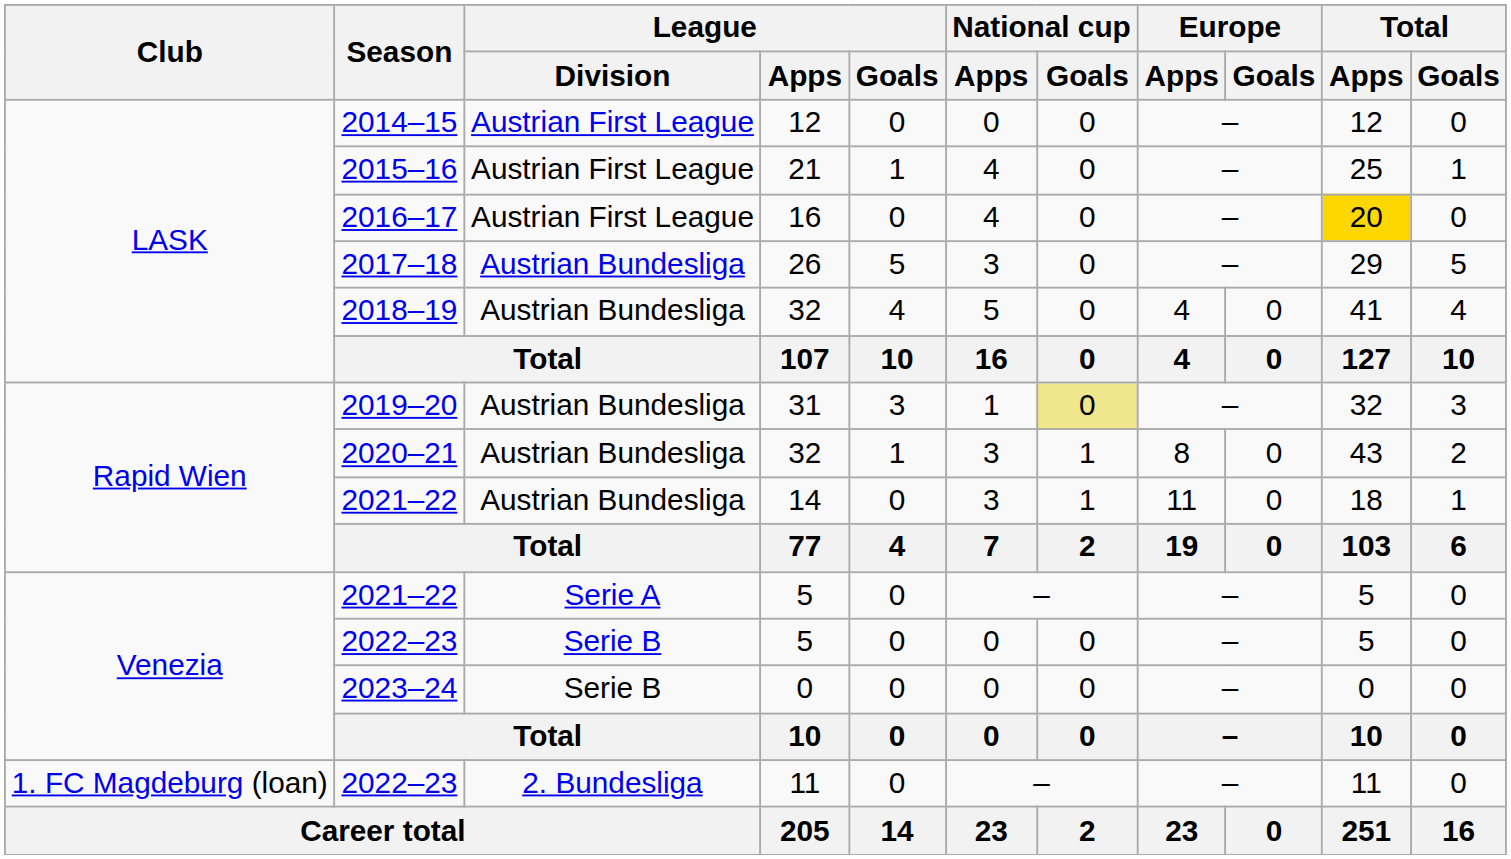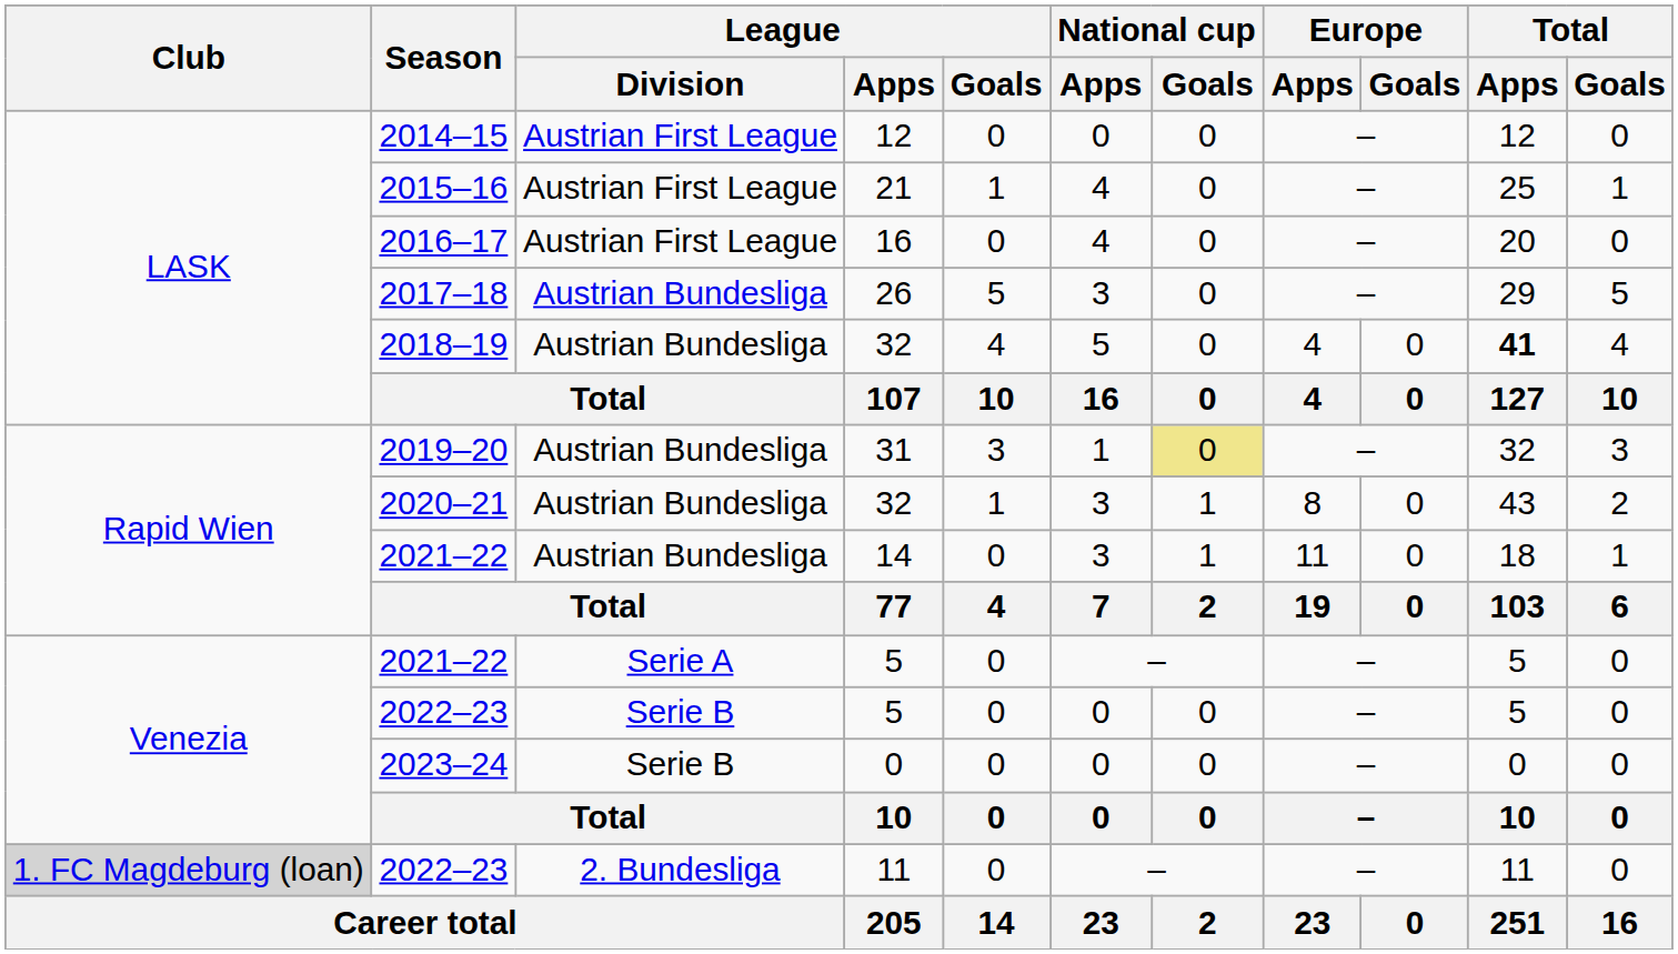 <table class="wikitable" style="text-align:center">
 <tr>
 <th rowspan="2">Club</th>
 <th rowspan="2">Season</th>
 <th colspan="3">League</th>
 <th colspan="2">National cup</th>
 <th colspan="2">Europe</th>
 <th colspan="2">Total</th>
 </tr>
 <tr>
 <th>Division</th>
 <th>Apps</th>
 <th>Goals</th>
 <th>Apps</th>
 <th>Goals</th>
 <th>Apps</th>
 <th>Goals</th>
 <th>Apps</th>
 <th>Goals</th>
 </tr>
 <tr>
 <td rowspan="6"><a href='#'>LASK</a></td>
 <td><a href='#'>2014–15</a></td>
 <td><a href='#'>Austrian First League</a></td>
 <td>12</td>
 <td>0</td>
 <td>0</td>
 <td>0</td>
 <td colspan="2">–</td>
 <td>12</td>
 <td>0</td>
 </tr>
 <tr>
 <td><a href='#'>2015–16</a></td>
 <td>Austrian First League</td>
 <td>21</td>
 <td>1</td>
 <td>4</td>
 <td>0</td>
 <td colspan="2">–</td>
 <td>25</td>
 <td>1</td>
 </tr>
 <tr>
 <td><a href='#'>2016–17</a></td>
 <td>Austrian First League</td>
 <td>16</td>
 <td>0</td>
 <td>4</td>
 <td>0</td>
 <td colspan="2">–</td>
-<td style="background: gold;">20</td>
+<td>20</td>
 <td>0</td>
 </tr>
 <tr>
 <td><a href='#'>2017–18</a></td>
 <td><a href='#'>Austrian Bundesliga</a></td>
 <td>26</td>
 <td>5</td>
 <td>3</td>
 <td>0</td>
 <td colspan="2">–</td>
 <td>29</td>
 <td>5</td>
 </tr>
 <tr>
 <td><a href='#'>2018–19</a></td>
 <td>Austrian Bundesliga</td>
 <td>32</td>
 <td>4</td>
 <td>5</td>
 <td>0</td>
 <td>4</td>
 <td>0</td>
-<td>41</td>
+<td><strong>41</strong></td>
 <td>4</td>
 </tr>
 <tr>
 <th colspan="2">Total</th>
 <th>107</th>
 <th>10</th>
 <th>16</th>
 <th>0</th>
 <th>4</th>
 <th>0</th>
 <th>127</th>
 <th>10</th>
 </tr>
 <tr>
 <td rowspan="4"><a href='#'>Rapid Wien</a></td>
 <td><a href='#'>2019–20</a></td>
 <td>Austrian Bundesliga</td>
 <td>31</td>
 <td>3</td>
 <td>1</td>
 <td style="background: khaki;">0</td>
 <td colspan="2">–</td>
 <td>32</td>
 <td>3</td>
 </tr>
 <tr>
 <td><a href='#'>2020–21</a></td>
 <td>Austrian Bundesliga</td>
 <td>32</td>
 <td>1</td>
 <td>3</td>
 <td>1</td>
 <td>8</td>
 <td>0</td>
 <td>43</td>
 <td>2</td>
 </tr>
 <tr>
 <td><a href='#'>2021–22</a></td>
 <td>Austrian Bundesliga</td>
 <td>14</td>
 <td>0</td>
 <td>3</td>
 <td>1</td>
 <td>11</td>
 <td>0</td>
 <td>18</td>
 <td>1</td>
 </tr>
 <tr>
 <th colspan="2">Total</th>
 <th>77</th>
 <th>4</th>
 <th>7</th>
 <th>2</th>
 <th>19</th>
 <th>0</th>
 <th>103</th>
 <th>6</th>
 </tr>
 <tr>
 <td rowspan="4"><a href='#'>Venezia</a></td>
 <td><a href='#'>2021–22</a></td>
 <td><a href='#'>Serie A</a></td>
 <td>5</td>
 <td>0</td>
 <td colspan="2">–</td>
 <td colspan="2">–</td>
 <td>5</td>
 <td>0</td>
 </tr>
 <tr>
 <td><a href='#'>2022–23</a></td>
 <td><a href='#'>Serie B</a></td>
 <td>5</td>
 <td>0</td>
 <td>0</td>
 <td>0</td>
 <td colspan="2">–</td>
 <td>5</td>
 <td>0</td>
 </tr>
 <tr>
 <td><a href='#'>2023–24</a></td>
 <td>Serie B</td>
 <td>0</td>
 <td>0</td>
 <td>0</td>
 <td>0</td>
 <td colspan="2">–</td>
 <td>0</td>
 <td>0</td>
 </tr>
 <tr>
 <th colspan="2">Total</th>
 <th>10</th>
 <th>0</th>
 <th>0</th>
 <th>0</th>
 <th colspan="2">–</th>
 <th>10</th>
 <th>0</th>
 </tr>
 <tr>
-<td rowspan="1"><a href='#'>1. FC Magdeburg</a> (loan)</td>
+<td rowspan="1" style="background: lightgrey;"><a href='#'>1. FC Magdeburg</a> (loan)</td>
 <td><a href='#'>2022–23</a></td>
 <td><a href='#'>2. Bundesliga</a></td>
 <td>11</td>
 <td>0</td>
 <td colspan="2">–</td>
 <td colspan="2">–</td>
 <td>11</td>
 <td>0</td>
 </tr>
 <tr>
 <th colspan="3">Career total</th>
 <th>205</th>
 <th>14</th>
 <th>23</th>
 <th>2</th>
 <th>23</th>
 <th>0</th>
 <th>251</th>
 <th>16</th>
 </tr>
 </table>
